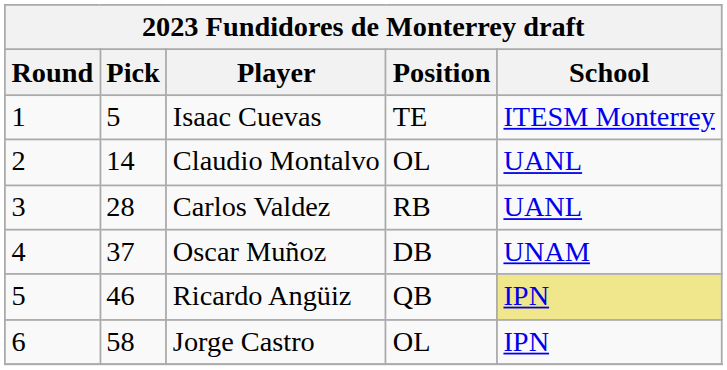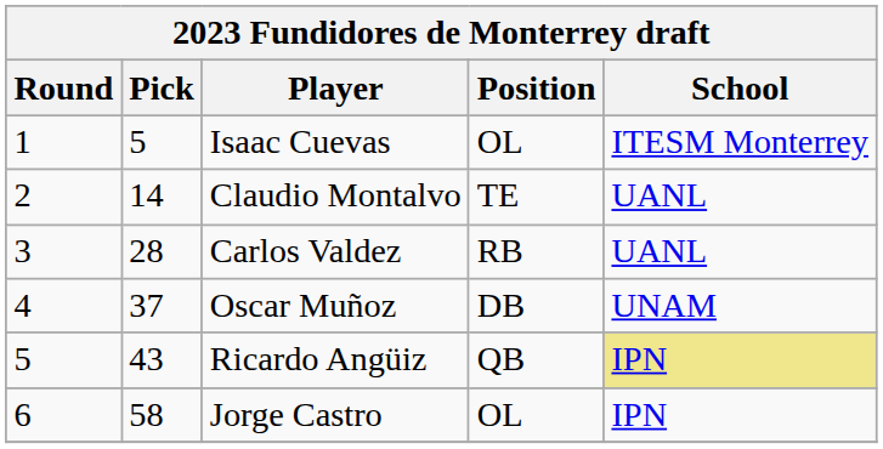 <table class="wikitable" style="text-align:left">
 <tr>
 <th colspan=5>2023 Fundidores de Monterrey draft</th>
 </tr>
 <tr>
 <th>Round</th>
 <th>Pick</th>
 <th>Player</th>
 <th>Position</th>
 <th>School</th>
 </tr>
 <tr>
 <td>1</td>
 <td>5</td>
 <td>Isaac Cuevas</td>
-<td>TE</td>
+<td>OL</td>
 <td><a href='#'>ITESM Monterrey</a></td>
 </tr>
 <tr>
 <td>2</td>
 <td>14</td>
 <td>Claudio Montalvo</td>
-<td>OL</td>
+<td>TE</td>
 <td><a href='#'>UANL</a></td>
 </tr>
 <tr>
 <td>3</td>
 <td>28</td>
 <td>Carlos Valdez</td>
 <td>RB</td>
 <td><a href='#'>UANL</a></td>
 </tr>
 <tr>
 <td>4</td>
 <td>37</td>
 <td>Oscar Muñoz</td>
 <td>DB</td>
 <td><a href='#'>UNAM</a></td>
 </tr>
 <tr>
 <td>5</td>
-<td>46</td>
+<td>43</td>
 <td>Ricardo Angüiz</td>
 <td>QB</td>
 <td style="background: khaki;"><a href='#'>IPN</a></td>
 </tr>
 <tr>
 <td>6</td>
 <td>58</td>
 <td>Jorge Castro</td>
 <td>OL</td>
 <td><a href='#'>IPN</a></td>
 </tr>
 <tr>
 </tr>
 </table>
